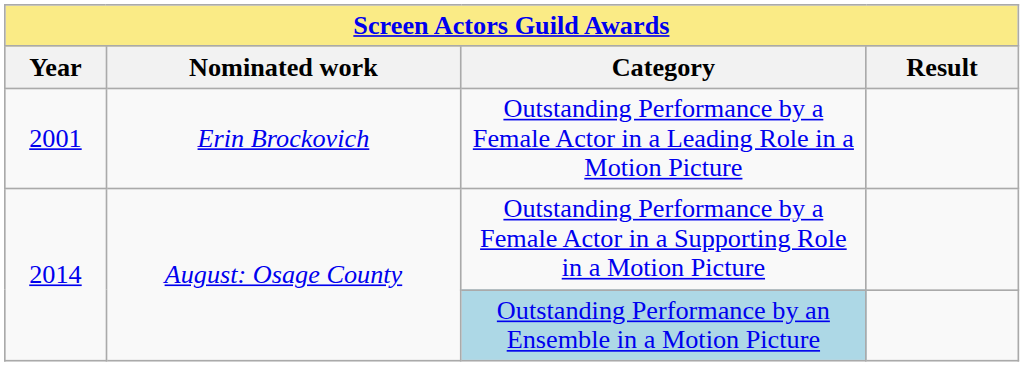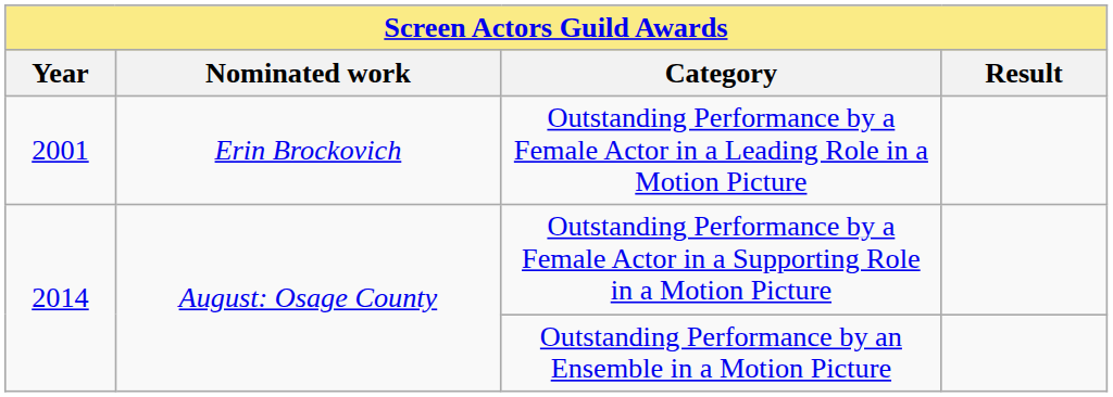 <table width="70%" class="wikitable sortable">
 <tr>
 <th colspan="4" - style="background:#FAEB86;" align="center"><a href='#'>Screen Actors Guild Awards</a></th>
 </tr>
 <tr>
 <th width="10%">Year</th>
 <th width="35%">Nominated work</th>
 <th width="40%">Category</th>
 <th width="15%">Result</th>
 </tr>
 <tr>
 <td align="center"><a href='#'>2001</a></td>
 <td align="center"><em><a href='#'>Erin Brockovich</a></em></td>
 <td align="center"><a href='#'>Outstanding Performance by a Female Actor in a Leading Role in a Motion Picture</a></td>
 <td></td>
 </tr>
 <tr>
 <td rowspan=2 align="center"><a href='#'>2014</a></td>
 <td rowspan=2 align="center"><em><a href='#'>August: Osage County</a></em></td>
 <td align="center"><a href='#'>Outstanding Performance by a Female Actor in a Supporting Role in a Motion Picture</a></td>
 <td></td>
 </tr>
 <tr>
-<td align="center" style="background: lightblue;"><a href='#'>Outstanding Performance by an Ensemble in a Motion Picture</a></td>
+<td align="center"><a href='#'>Outstanding Performance by an Ensemble in a Motion Picture</a></td>
 <td></td>
 </tr>
 </table>
